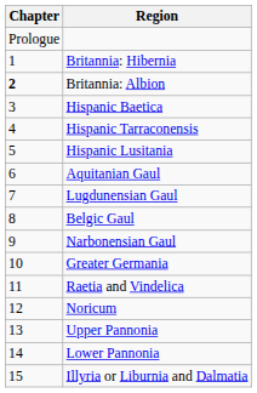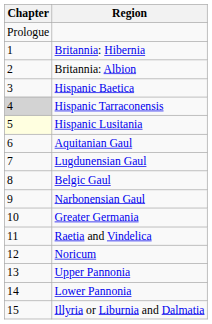 <table class="wikitable">
 <tr>
 <th>Chapter</th>
 <th>Region</th>
 </tr>
 <tr>
 <td>Prologue</td>
 <td></td>
 </tr>
 <tr>
 <td>1</td>
 <td><a href='#'>Britannia</a>: <a href='#'>Hibernia</a></td>
 </tr>
 <tr>
-<td><strong>2</strong></td>
+<td>2</td>
 <td>Britannia: <a href='#'>Albion</a></td>
 </tr>
 <tr>
 <td>3</td>
 <td><a href='#'>Hispanic Baetica</a></td>
 </tr>
 <tr>
-<td>4</td>
+<td style="background: lightgrey;">4</td>
 <td><a href='#'>Hispanic Tarraconensis</a></td>
 </tr>
 <tr>
-<td>5</td>
+<td style="background: lightyellow;">5</td>
 <td><a href='#'>Hispanic Lusitania</a></td>
 </tr>
 <tr>
 <td>6</td>
 <td><a href='#'>Aquitanian Gaul</a></td>
 </tr>
 <tr>
 <td>7</td>
 <td><a href='#'>Lugdunensian Gaul</a></td>
 </tr>
 <tr>
 <td>8</td>
 <td><a href='#'>Belgic Gaul</a></td>
 </tr>
 <tr>
 <td>9</td>
 <td><a href='#'>Narbonensian Gaul</a></td>
 </tr>
 <tr>
 <td>10</td>
 <td><a href='#'>Greater Germania</a></td>
 </tr>
 <tr>
 <td>11</td>
 <td><a href='#'>Raetia</a> and <a href='#'>Vindelica</a></td>
 </tr>
 <tr>
 <td>12</td>
 <td><a href='#'>Noricum</a></td>
 </tr>
 <tr>
 <td>13</td>
 <td><a href='#'>Upper Pannonia</a></td>
 </tr>
 <tr>
 <td>14</td>
 <td><a href='#'>Lower Pannonia</a></td>
 </tr>
 <tr>
 <td>15</td>
 <td><a href='#'>Illyria</a> or <a href='#'>Liburnia</a> and <a href='#'>Dalmatia</a></td>
 </tr>
 </table>
